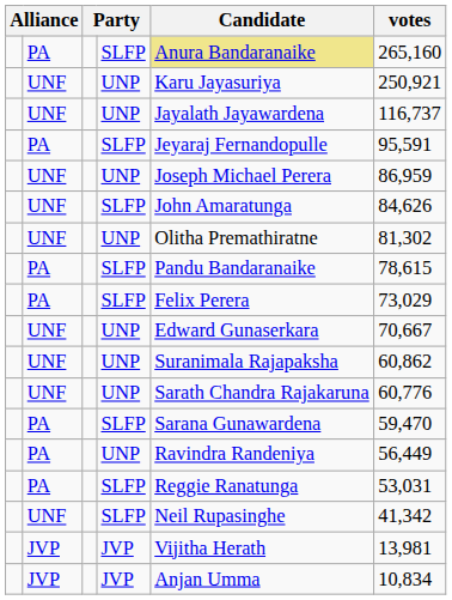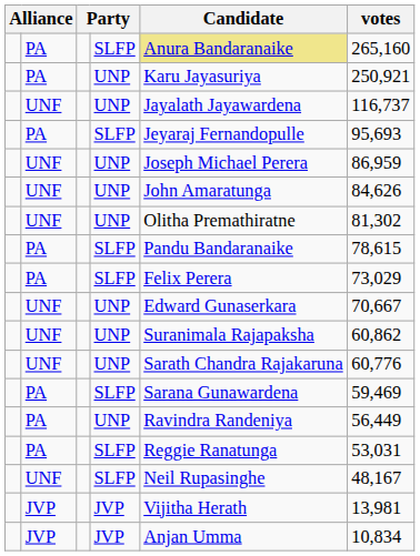 <table class="wikitable sortable mw-collapsible">
 <tr>
 <th colspan="2">Alliance</th>
 <th colspan="2">Party</th>
 <th>Candidate</th>
 <th>votes</th>
 </tr>
 <tr>
 <td bgcolor=> </td>
 <td align=left><a href='#'>PA</a></td>
 <td bgcolor=> </td>
 <td align=left><a href='#'>SLFP</a></td>
 <td style="background: khaki;"><a href='#'>Anura Bandaranaike</a></td>
 <td>265,160</td>
 </tr>
 <tr>
 <td bgcolor=> </td>
-<td align=left><a href='#'>UNF</a></td>
+<td align=left><a href='#'>PA</a></td>
 <td bgcolor=> </td>
 <td align=left><a href='#'>UNP</a></td>
 <td><a href='#'>Karu Jayasuriya</a></td>
 <td>250,921</td>
 </tr>
 <tr>
 <td bgcolor=> </td>
 <td align=left><a href='#'>UNF</a></td>
 <td bgcolor=> </td>
 <td align=left><a href='#'>UNP</a></td>
 <td><a href='#'>Jayalath Jayawardena</a></td>
 <td>116,737</td>
 </tr>
 <tr>
 <td bgcolor=> </td>
 <td align=left><a href='#'>PA</a></td>
 <td bgcolor=> </td>
 <td align=left><a href='#'>SLFP</a></td>
 <td><a href='#'>Jeyaraj Fernandopulle</a></td>
-<td>95,591</td>
+<td>95,693</td>
 </tr>
 <tr>
 <td bgcolor=> </td>
 <td align=left><a href='#'>UNF</a></td>
 <td bgcolor=> </td>
 <td align=left><a href='#'>UNP</a></td>
 <td><a href='#'>Joseph Michael Perera</a></td>
 <td>86,959</td>
 </tr>
 <tr>
 <td bgcolor=> </td>
 <td align=left><a href='#'>UNF</a></td>
 <td bgcolor=> </td>
-<td align=left><a href='#'>SLFP</a></td>
+<td align=left><a href='#'>UNP</a></td>
 <td><a href='#'>John Amaratunga</a></td>
 <td>84,626</td>
 </tr>
 <tr>
 <td bgcolor=> </td>
 <td align=left><a href='#'>UNF</a></td>
 <td bgcolor=> </td>
 <td align=left><a href='#'>UNP</a></td>
 <td>Olitha Premathiratne</td>
 <td>81,302</td>
 </tr>
 <tr>
 <td bgcolor=> </td>
 <td align=left><a href='#'>PA</a></td>
 <td bgcolor=> </td>
 <td align=left><a href='#'>SLFP</a></td>
 <td><a href='#'>Pandu Bandaranaike</a></td>
 <td>78,615</td>
 </tr>
 <tr>
 <td bgcolor=> </td>
 <td align=left><a href='#'>PA</a></td>
 <td bgcolor=> </td>
 <td align=left><a href='#'>SLFP</a></td>
 <td><a href='#'>Felix Perera</a></td>
 <td>73,029</td>
 </tr>
 <tr>
 <td bgcolor=> </td>
 <td align=left><a href='#'>UNF</a></td>
 <td bgcolor=> </td>
 <td align=left><a href='#'>UNP</a></td>
 <td><a href='#'>Edward Gunaserkara</a></td>
 <td>70,667</td>
 </tr>
 <tr>
 <td bgcolor=> </td>
 <td align=left><a href='#'>UNF</a></td>
 <td bgcolor=> </td>
 <td align=left><a href='#'>UNP</a></td>
 <td><a href='#'>Suranimala Rajapaksha</a></td>
 <td>60,862</td>
 </tr>
 <tr>
 <td bgcolor=> </td>
 <td align=left><a href='#'>UNF</a></td>
 <td bgcolor=> </td>
 <td align=left><a href='#'>UNP</a></td>
 <td><a href='#'>Sarath Chandra Rajakaruna</a></td>
 <td>60,776</td>
 </tr>
 <tr>
 <td bgcolor=> </td>
 <td align=left><a href='#'>PA</a></td>
 <td bgcolor=> </td>
 <td align=left><a href='#'>SLFP</a></td>
 <td><a href='#'>Sarana Gunawardena</a></td>
-<td>59,470</td>
+<td>59,469</td>
 </tr>
 <tr>
 <td bgcolor=> </td>
 <td align=left><a href='#'>PA</a></td>
 <td bgcolor=> </td>
 <td align=left><a href='#'>UNP</a></td>
 <td><a href='#'>Ravindra Randeniya</a></td>
 <td>56,449</td>
 </tr>
 <tr>
 <td bgcolor=> </td>
 <td align=left><a href='#'>PA</a></td>
 <td bgcolor=> </td>
 <td align=left><a href='#'>SLFP</a></td>
 <td><a href='#'>Reggie Ranatunga</a></td>
 <td>53,031</td>
 </tr>
 <tr>
 <td bgcolor=> </td>
 <td align=left><a href='#'>UNF</a></td>
 <td bgcolor=> </td>
 <td align=left><a href='#'>SLFP</a></td>
 <td><a href='#'>Neil Rupasinghe</a></td>
-<td>41,342</td>
+<td>48,167</td>
 </tr>
 <tr>
 <td bgcolor=> </td>
 <td align=left><a href='#'>JVP</a></td>
 <td bgcolor=> </td>
 <td align=left><a href='#'>JVP</a></td>
 <td><a href='#'>Vijitha Herath</a></td>
 <td>13,981</td>
 </tr>
 <tr>
 <td bgcolor=> </td>
 <td align=left><a href='#'>JVP</a></td>
 <td bgcolor=> </td>
 <td align=left><a href='#'>JVP</a></td>
 <td><a href='#'>Anjan Umma</a></td>
 <td>10,834</td>
 </tr>
 </table>
